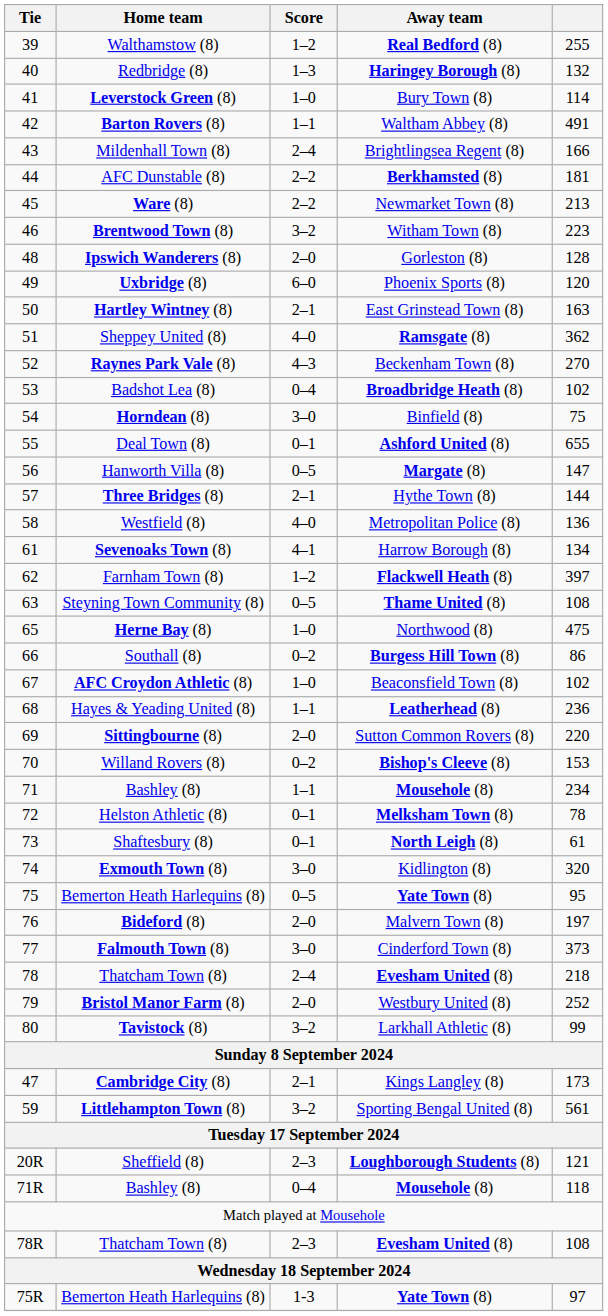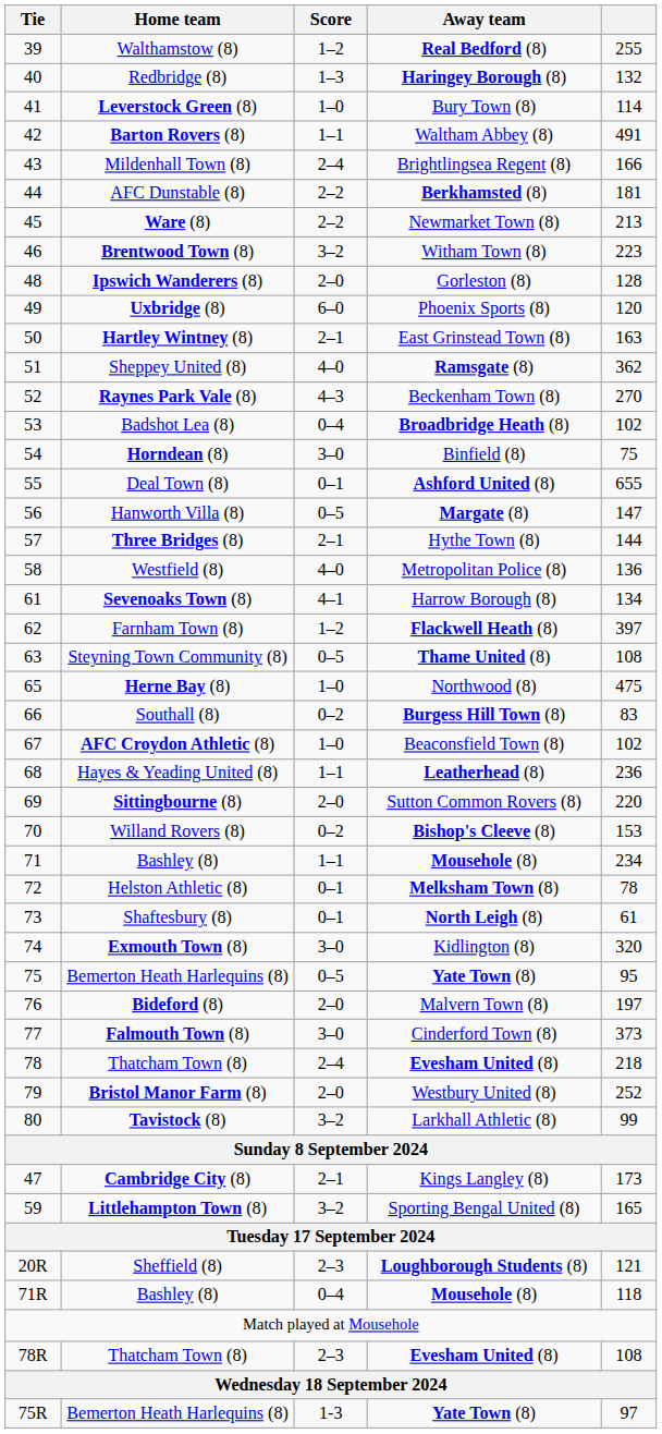 <table class="wikitable" style="text-align:center; font-size:90%">
 <tr>
 <th scope="col" style="width:  8.43%;">Tie</th>
 <th scope="col" style="width: 35.29%;">Home team</th>
 <th scope="col" style="width: 11.00%;">Score</th>
 <th scope="col" style="width: 35.29%;">Away team</th>
 <th scope="col" style="width:  8.43%;"></th>
 </tr>
 <tr>
 <td>39</td>
 <td><a href='#'>Walthamstow</a> (8)</td>
 <td>1–2</td>
 <td><strong><a href='#'>Real Bedford</a></strong> (8)</td>
 <td>255</td>
 </tr>
 <tr>
 <td>40</td>
 <td><a href='#'>Redbridge</a> (8)</td>
 <td>1–3</td>
 <td><strong><a href='#'>Haringey Borough</a></strong> (8)</td>
 <td>132</td>
 </tr>
 <tr>
 <td>41</td>
 <td><strong><a href='#'>Leverstock Green</a></strong> (8)</td>
 <td>1–0</td>
 <td><a href='#'>Bury Town</a> (8)</td>
 <td>114</td>
 </tr>
 <tr>
 <td>42</td>
 <td><strong><a href='#'>Barton Rovers</a></strong> (8)</td>
 <td>1–1 </td>
 <td><a href='#'>Waltham Abbey</a> (8)</td>
 <td>491</td>
 </tr>
 <tr>
 <td>43</td>
 <td><a href='#'>Mildenhall Town</a> (8)</td>
 <td>2–4</td>
 <td><a href='#'>Brightlingsea Regent</a> (8)</td>
 <td>166</td>
 </tr>
 <tr>
 <td>44</td>
 <td><a href='#'>AFC Dunstable</a> (8)</td>
 <td>2–2 </td>
 <td><strong><a href='#'>Berkhamsted</a></strong> (8)</td>
 <td>181</td>
 </tr>
 <tr>
 <td>45</td>
 <td><strong><a href='#'>Ware</a></strong> (8)</td>
 <td>2–2 </td>
 <td><a href='#'>Newmarket Town</a> (8)</td>
 <td>213</td>
 </tr>
 <tr>
 <td>46</td>
 <td><strong><a href='#'>Brentwood Town</a></strong> (8)</td>
 <td>3–2</td>
 <td><a href='#'>Witham Town</a> (8)</td>
 <td>223</td>
 </tr>
 <tr>
 <td>48</td>
 <td><strong><a href='#'>Ipswich Wanderers</a></strong> (8)</td>
 <td>2–0</td>
 <td><a href='#'>Gorleston</a> (8)</td>
 <td>128</td>
 </tr>
 <tr>
 <td>49</td>
 <td><strong><a href='#'>Uxbridge</a></strong> (8)</td>
 <td>6–0</td>
 <td><a href='#'>Phoenix Sports</a> (8)</td>
 <td>120</td>
 </tr>
 <tr>
 <td>50</td>
 <td><strong><a href='#'>Hartley Wintney</a></strong> (8)</td>
 <td>2–1</td>
 <td><a href='#'>East Grinstead Town</a> (8)</td>
 <td>163</td>
 </tr>
 <tr>
 <td>51</td>
 <td><a href='#'>Sheppey United</a> (8)</td>
 <td>4–0</td>
 <td><strong><a href='#'>Ramsgate</a></strong> (8)</td>
 <td>362</td>
 </tr>
 <tr>
 <td>52</td>
 <td><strong><a href='#'>Raynes Park Vale</a></strong> (8)</td>
 <td>4–3</td>
 <td><a href='#'>Beckenham Town</a> (8)</td>
 <td>270</td>
 </tr>
 <tr>
 <td>53</td>
 <td><a href='#'>Badshot Lea</a> (8)</td>
 <td>0–4</td>
 <td><strong><a href='#'>Broadbridge Heath</a></strong> (8)</td>
 <td>102</td>
 </tr>
 <tr>
 <td>54</td>
 <td><strong><a href='#'>Horndean</a></strong> (8)</td>
 <td>3–0</td>
 <td><a href='#'>Binfield</a> (8)</td>
 <td>75</td>
 </tr>
 <tr>
 <td>55</td>
 <td><a href='#'>Deal Town</a> (8)</td>
 <td>0–1</td>
 <td><strong><a href='#'>Ashford United</a></strong> (8)</td>
 <td>655</td>
 </tr>
 <tr>
 <td>56</td>
 <td><a href='#'>Hanworth Villa</a> (8)</td>
 <td>0–5</td>
 <td><strong><a href='#'>Margate</a></strong> (8)</td>
 <td>147</td>
 </tr>
 <tr>
 <td>57</td>
 <td><strong><a href='#'>Three Bridges</a></strong> (8)</td>
 <td>2–1</td>
 <td><a href='#'>Hythe Town</a> (8)</td>
 <td>144</td>
 </tr>
 <tr>
 <td>58</td>
 <td><a href='#'>Westfield</a> (8)</td>
 <td>4–0</td>
 <td><a href='#'>Metropolitan Police</a> (8)</td>
 <td>136</td>
 </tr>
 <tr>
 <td>61</td>
 <td><strong><a href='#'>Sevenoaks Town</a></strong> (8)</td>
 <td>4–1</td>
 <td><a href='#'>Harrow Borough</a> (8)</td>
 <td>134</td>
 </tr>
 <tr>
 <td>62</td>
 <td><a href='#'>Farnham Town</a> (8)</td>
 <td>1–2</td>
 <td><strong><a href='#'>Flackwell Heath</a></strong> (8)</td>
 <td>397</td>
 </tr>
 <tr>
 <td>63</td>
 <td><a href='#'>Steyning Town Community</a> (8)</td>
 <td>0–5</td>
 <td><strong><a href='#'>Thame United</a></strong> (8)</td>
 <td>108</td>
 </tr>
 <tr>
 <td>65</td>
 <td><strong><a href='#'>Herne Bay</a></strong> (8)</td>
 <td>1–0</td>
 <td><a href='#'>Northwood</a> (8)</td>
 <td>475</td>
 </tr>
 <tr>
 <td>66</td>
 <td><a href='#'>Southall</a> (8)</td>
 <td>0–2</td>
 <td><strong><a href='#'>Burgess Hill Town</a></strong> (8)</td>
-<td>86</td>
+<td>83</td>
 </tr>
 <tr>
 <td>67</td>
 <td><strong><a href='#'>AFC Croydon Athletic</a></strong> (8)</td>
 <td>1–0</td>
 <td><a href='#'>Beaconsfield Town</a> (8)</td>
 <td>102</td>
 </tr>
 <tr>
 <td>68</td>
 <td><a href='#'>Hayes & Yeading United</a> (8)</td>
 <td>1–1 </td>
 <td><strong><a href='#'>Leatherhead</a></strong> (8)</td>
 <td>236</td>
 </tr>
 <tr>
 <td>69</td>
 <td><strong><a href='#'>Sittingbourne</a></strong> (8)</td>
 <td>2–0</td>
 <td><a href='#'>Sutton Common Rovers</a> (8)</td>
 <td>220</td>
 </tr>
 <tr>
 <td>70</td>
 <td><a href='#'>Willand Rovers</a> (8)</td>
 <td>0–2</td>
 <td><strong><a href='#'>Bishop's Cleeve</a></strong> (8)</td>
 <td>153</td>
 </tr>
 <tr>
 <td>71</td>
 <td><a href='#'>Bashley</a> (8)</td>
 <td>1–1 </td>
 <td><strong><a href='#'>Mousehole</a></strong> (8)</td>
 <td>234</td>
 </tr>
 <tr>
 <td>72</td>
 <td><a href='#'>Helston Athletic</a> (8)</td>
 <td>0–1</td>
 <td><strong><a href='#'>Melksham Town</a></strong> (8)</td>
 <td>78</td>
 </tr>
 <tr>
 <td>73</td>
 <td><a href='#'>Shaftesbury</a> (8)</td>
 <td>0–1</td>
 <td><strong><a href='#'>North Leigh</a></strong> (8)</td>
 <td>61</td>
 </tr>
 <tr>
 <td>74</td>
 <td><strong><a href='#'>Exmouth Town</a></strong> (8)</td>
 <td>3–0</td>
 <td><a href='#'>Kidlington</a> (8)</td>
 <td>320</td>
 </tr>
 <tr>
 <td>75</td>
 <td><a href='#'>Bemerton Heath Harlequins</a> (8)</td>
 <td>0–5</td>
 <td><strong><a href='#'>Yate Town</a></strong> (8)</td>
 <td>95</td>
 </tr>
 <tr>
 <td>76</td>
 <td><strong><a href='#'>Bideford</a></strong> (8)</td>
 <td>2–0</td>
 <td><a href='#'>Malvern Town</a> (8)</td>
 <td>197</td>
 </tr>
 <tr>
 <td>77</td>
 <td><strong><a href='#'>Falmouth Town</a></strong> (8)</td>
 <td>3–0</td>
 <td><a href='#'>Cinderford Town</a> (8)</td>
 <td>373</td>
 </tr>
 <tr>
 <td>78</td>
 <td><a href='#'>Thatcham Town</a> (8)</td>
 <td>2–4</td>
 <td><strong><a href='#'>Evesham United</a></strong> (8)</td>
 <td>218</td>
 </tr>
 <tr>
 <td>79</td>
 <td><strong><a href='#'>Bristol Manor Farm</a></strong> (8)</td>
 <td>2–0</td>
 <td><a href='#'>Westbury United</a> (8)</td>
 <td>252</td>
 </tr>
 <tr>
 <td>80</td>
 <td><strong><a href='#'>Tavistock</a></strong> (8)</td>
 <td>3–2</td>
 <td><a href='#'>Larkhall Athletic</a> (8)</td>
 <td>99</td>
 </tr>
 <tr>
 <th colspan="5"><strong>Sunday 8 September 2024</strong></th>
 </tr>
 <tr>
 <td>47</td>
 <td><strong><a href='#'>Cambridge City</a></strong> (8)</td>
 <td>2–1</td>
 <td><a href='#'>Kings Langley</a> (8)</td>
 <td>173</td>
 </tr>
 <tr>
 <td>59</td>
 <td><strong><a href='#'>Littlehampton Town</a></strong> (8)</td>
 <td>3–2</td>
 <td><a href='#'>Sporting Bengal United</a> (8)</td>
-<td>561</td>
+<td>165</td>
 </tr>
 <tr>
 <th colspan="5"><strong>Tuesday 17 September 2024</strong></th>
 </tr>
 <tr>
 <td>20R</td>
 <td><a href='#'>Sheffield</a> (8)</td>
 <td>2–3</td>
 <td><strong><a href='#'>Loughborough Students</a></strong> (8)</td>
 <td>121</td>
 </tr>
 <tr>
 <td>71R</td>
 <td><a href='#'>Bashley</a> (8)</td>
 <td>0–4</td>
 <td><strong><a href='#'>Mousehole</a></strong> (8)</td>
 <td>118</td>
 </tr>
 <tr>
 <td colspan="5" style="height:20px; text-align:center; font-size:90%">Match played at <a href='#'>Mousehole</a></td>
 </tr>
 <tr>
 <td>78R</td>
 <td><a href='#'>Thatcham Town</a> (8)</td>
 <td>2–3</td>
 <td><strong><a href='#'>Evesham United</a></strong> (8)</td>
 <td>108</td>
 </tr>
 <tr>
 <th colspan="5"><strong>Wednesday 18 September 2024</strong></th>
 </tr>
 <tr>
 <td>75R</td>
 <td><a href='#'>Bemerton Heath Harlequins</a> (8)</td>
 <td>1-3</td>
 <td><strong><a href='#'>Yate Town</a></strong> (8)</td>
 <td>97</td>
 </tr>
 <tr>
 </tr>
 </table>
